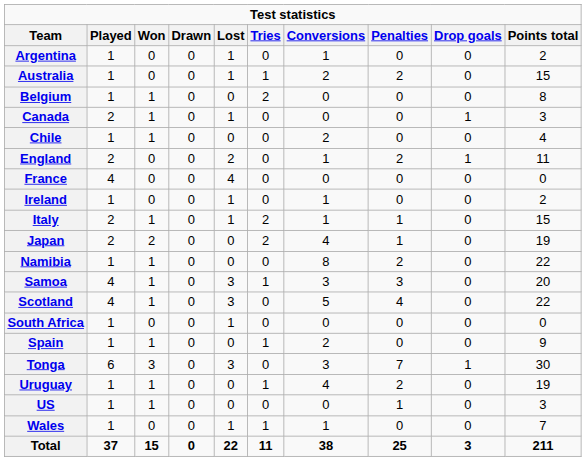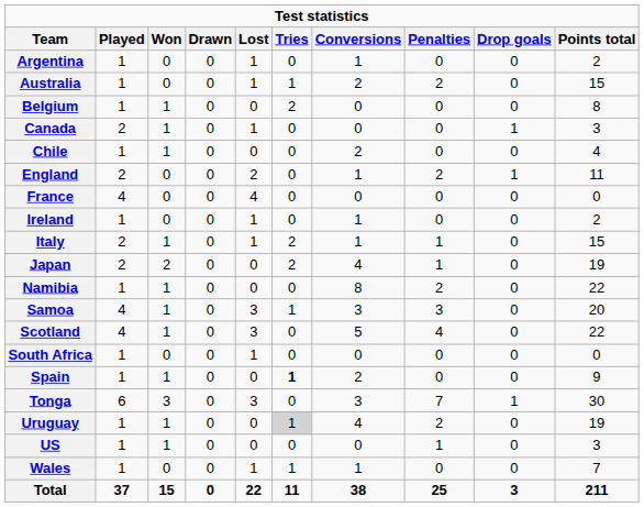 <table class="wikitable" style="text-align:center;">
 <tr>
 <td colspan=10><strong>Test statistics</strong></td>
 </tr>
 <tr>
 <th>Team</th>
 <th>Played</th>
 <th>Won</th>
 <th>Drawn</th>
 <th>Lost</th>
 <th><a href='#'>Tries</a></th>
 <th><a href='#'>Conversions</a></th>
 <th><a href='#'>Penalties</a></th>
 <th><a href='#'>Drop goals</a></th>
 <th>Points total</th>
 </tr>
 <tr>
 <th><a href='#'>Argentina</a></th>
 <td>1</td>
 <td>0</td>
 <td>0</td>
 <td>1</td>
 <td>0</td>
 <td>1</td>
 <td>0</td>
 <td>0</td>
 <td>2</td>
 </tr>
 <tr>
 <th><a href='#'>Australia</a></th>
 <td>1</td>
 <td>0</td>
 <td>0</td>
 <td>1</td>
 <td>1</td>
 <td>2</td>
 <td>2</td>
 <td>0</td>
 <td>15</td>
 </tr>
 <tr>
 <th><a href='#'>Belgium</a></th>
 <td>1</td>
 <td>1</td>
 <td>0</td>
 <td>0</td>
 <td>2</td>
 <td>0</td>
 <td>0</td>
 <td>0</td>
 <td>8</td>
 </tr>
 <tr>
 <th><a href='#'>Canada</a></th>
 <td>2</td>
 <td>1</td>
 <td>0</td>
 <td>1</td>
 <td>0</td>
 <td>0</td>
 <td>0</td>
 <td>1</td>
 <td>3</td>
 </tr>
 <tr>
 <th><a href='#'>Chile</a></th>
 <td>1</td>
 <td>1</td>
 <td>0</td>
 <td>0</td>
 <td>0</td>
 <td>2</td>
 <td>0</td>
 <td>0</td>
 <td>4</td>
 </tr>
 <tr>
 <th><a href='#'>England</a></th>
 <td>2</td>
 <td>0</td>
 <td>0</td>
 <td>2</td>
 <td>0</td>
 <td>1</td>
 <td>2</td>
 <td>1</td>
 <td>11</td>
 </tr>
 <tr>
 <th><a href='#'>France</a></th>
 <td>4</td>
 <td>0</td>
 <td>0</td>
 <td>4</td>
 <td>0</td>
 <td>0</td>
 <td>0</td>
 <td>0</td>
 <td>0</td>
 </tr>
 <tr>
 <th><a href='#'>Ireland</a></th>
 <td>1</td>
 <td>0</td>
 <td>0</td>
 <td>1</td>
 <td>0</td>
 <td>1</td>
 <td>0</td>
 <td>0</td>
 <td>2</td>
 </tr>
 <tr>
 <th><a href='#'>Italy</a></th>
 <td>2</td>
 <td>1</td>
 <td>0</td>
 <td>1</td>
 <td>2</td>
 <td>1</td>
 <td>1</td>
 <td>0</td>
 <td>15</td>
 </tr>
 <tr>
 <th><a href='#'>Japan</a></th>
 <td>2</td>
 <td>2</td>
 <td>0</td>
 <td>0</td>
 <td>2</td>
 <td>4</td>
 <td>1</td>
 <td>0</td>
 <td>19</td>
 </tr>
 <tr>
 <th><a href='#'>Namibia</a></th>
 <td>1</td>
 <td>1</td>
 <td>0</td>
 <td>0</td>
 <td>0</td>
 <td>8</td>
 <td>2</td>
 <td>0</td>
 <td>22</td>
 </tr>
 <tr>
 <th><a href='#'>Samoa</a></th>
 <td>4</td>
 <td>1</td>
 <td>0</td>
 <td>3</td>
 <td>1</td>
 <td>3</td>
 <td>3</td>
 <td>0</td>
 <td>20</td>
 </tr>
 <tr>
 <th><a href='#'>Scotland</a></th>
 <td>4</td>
 <td>1</td>
 <td>0</td>
 <td>3</td>
 <td>0</td>
 <td>5</td>
 <td>4</td>
 <td>0</td>
 <td>22</td>
 </tr>
 <tr>
 <th><a href='#'>South Africa</a></th>
 <td>1</td>
 <td>0</td>
 <td>0</td>
 <td>1</td>
 <td>0</td>
 <td>0</td>
 <td>0</td>
 <td>0</td>
 <td>0</td>
 </tr>
 <tr>
 <th><a href='#'>Spain</a></th>
 <td>1</td>
 <td>1</td>
 <td>0</td>
 <td>0</td>
-<td>1</td>
+<td><strong>1</strong></td>
 <td>2</td>
 <td>0</td>
 <td>0</td>
 <td>9</td>
 </tr>
 <tr>
 <th><a href='#'>Tonga</a></th>
 <td>6</td>
 <td>3</td>
 <td>0</td>
 <td>3</td>
 <td>0</td>
 <td>3</td>
 <td>7</td>
 <td>1</td>
 <td>30</td>
 </tr>
 <tr>
 <th><a href='#'>Uruguay</a></th>
 <td>1</td>
 <td>1</td>
 <td>0</td>
 <td>0</td>
-<td>1</td>
+<td style="background: lightgrey;">1</td>
 <td>4</td>
 <td>2</td>
 <td>0</td>
 <td>19</td>
 </tr>
 <tr>
 <th><a href='#'>US</a></th>
 <td>1</td>
 <td>1</td>
 <td>0</td>
 <td>0</td>
 <td>0</td>
 <td>0</td>
 <td>1</td>
 <td>0</td>
 <td>3</td>
 </tr>
 <tr>
 <th><a href='#'>Wales</a></th>
 <td>1</td>
 <td>0</td>
 <td>0</td>
 <td>1</td>
 <td>1</td>
 <td>1</td>
 <td>0</td>
 <td>0</td>
 <td>7</td>
 </tr>
 <tr>
 <th><strong>Total</strong></th>
 <td><strong>37</strong></td>
 <td><strong>15</strong></td>
 <td><strong>0</strong></td>
 <td><strong>22</strong></td>
 <td><strong>11</strong></td>
 <td><strong>38</strong></td>
 <td><strong>25</strong></td>
 <td><strong>3</strong></td>
 <td><strong>211</strong></td>
 </tr>
 </table>
